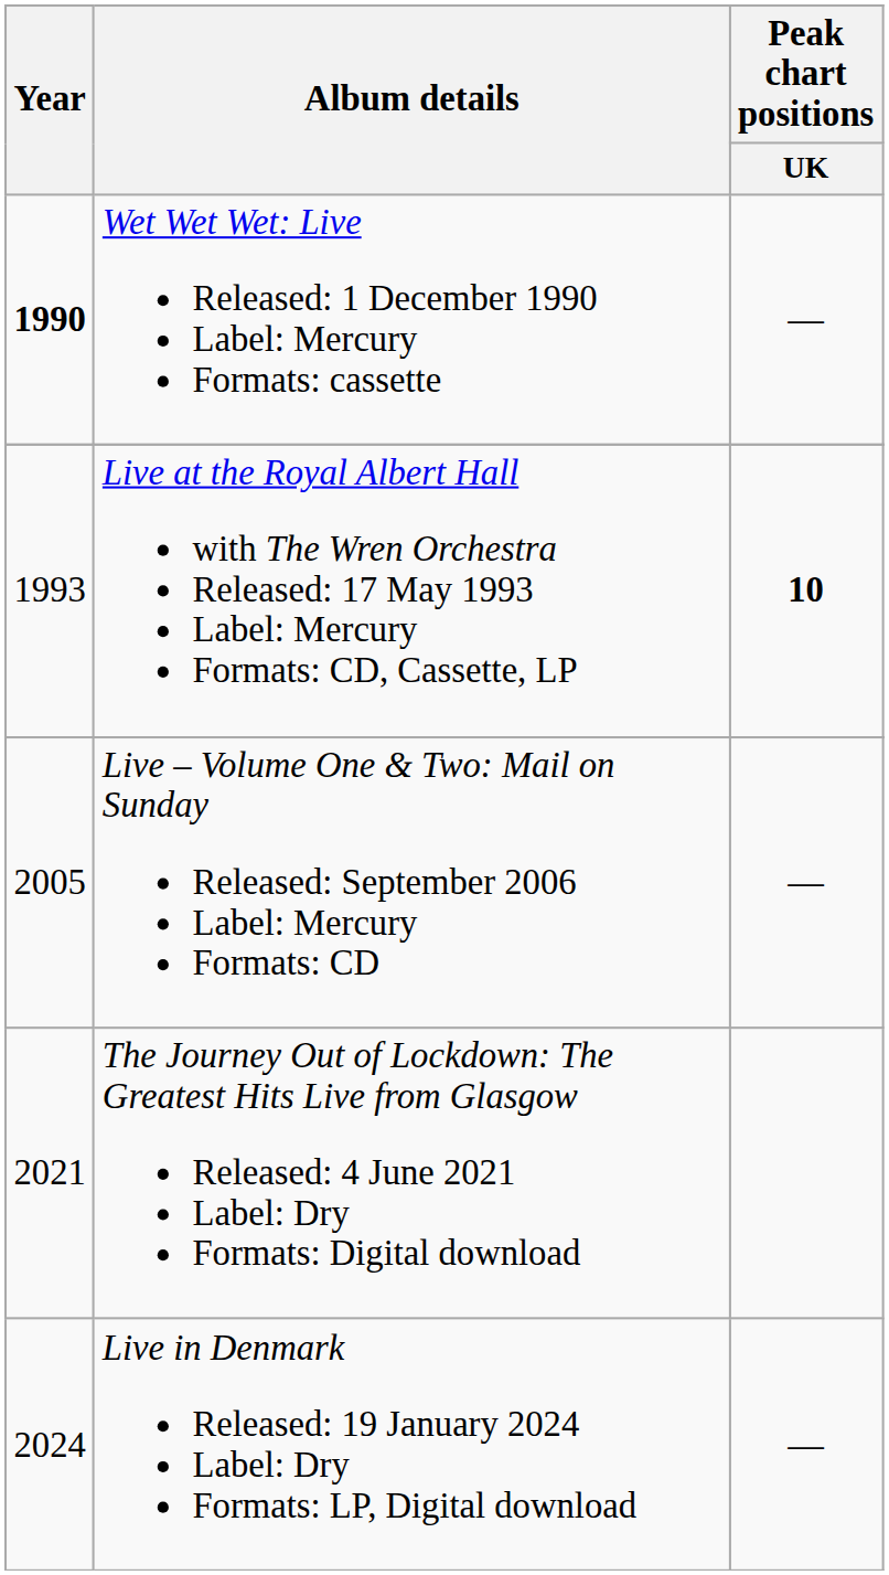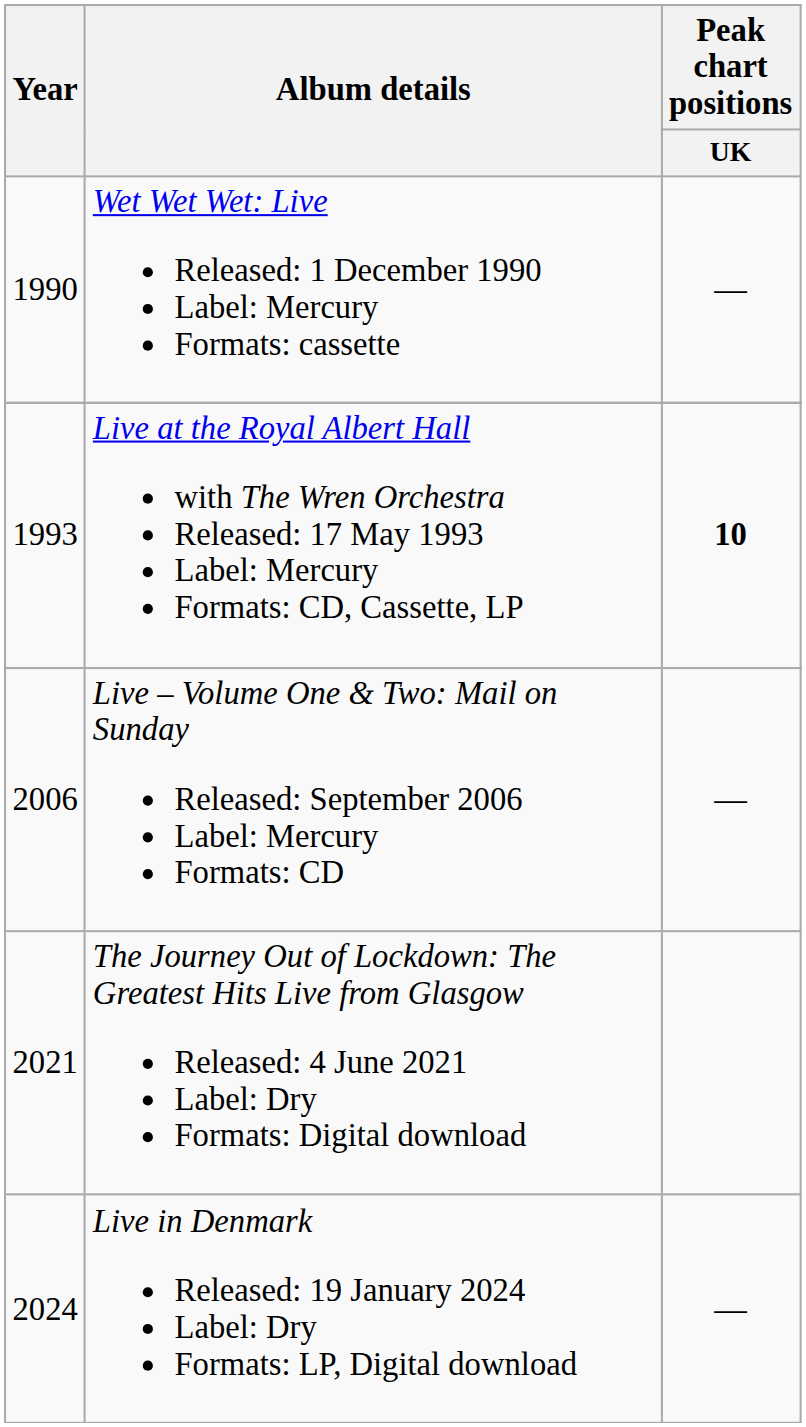 <table class="wikitable" style=text-align:center;>
 <tr>
 <th rowspan="2">Year</th>
 <th width="275" rowspan="2">Album details</th>
 <th colspan="1">Peak chart positions</th>
 </tr>
 <tr>
 <th style="width:3em;font-size:85%">UK<br></th>
 </tr>
 <tr>
-<td><strong>1990</strong></td>
+<td>1990</td>
 <td align=left><em><a href='#'>Wet Wet Wet: Live</a></em><br><ul><li>Released: 1 December 1990</li><li>Label: Mercury</li><li>Formats: cassette</li></ul></td>
 <td>—</td>
 </tr>
 <tr>
 </tr>
 <tr>
 <td>1993</td>
 <td align=left><em><a href='#'>Live at the Royal Albert Hall</a></em><br><ul><li>with <em>The Wren Orchestra</em></li><li>Released: 17 May 1993</li><li>Label: Mercury</li><li>Formats: CD, Cassette, LP</li></ul></td>
 <td><strong>10</strong></td>
 </tr>
 <tr>
 </tr>
 <tr>
-<td>2005</td>
+<td>2006</td>
 <td align=left><em>Live – Volume One & Two: Mail on Sunday</em><br><ul><li>Released: September 2006</li><li>Label: Mercury</li><li>Formats: CD</li></ul></td>
 <td>—</td>
 </tr>
 <tr>
 <td>2021</td>
 <td align=left><em>The Journey Out of Lockdown: The Greatest Hits Live from Glasgow</em><br><ul><li>Released: 4 June 2021</li><li>Label: Dry</li><li>Formats: Digital download</li></ul></td>
 </tr>
 <tr>
 <td>2024</td>
 <td align=left><em>Live in Denmark</em><br><ul><li>Released: 19 January 2024</li><li>Label: Dry</li><li>Formats: LP, Digital download</li></ul></td>
 <td>—</td>
 </tr>
 </table>
